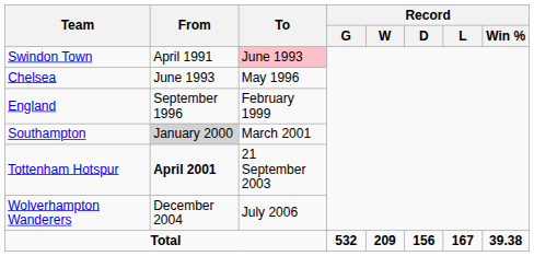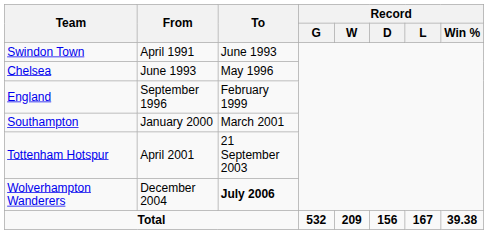 <table class="wikitable" style="text-align: center">
 <tr>
 <th rowspan=2! width=170>Team</th>
 <th rowspan=2! width=100>From</th>
 <th rowspan=2! width=100>To</th>
 <th colspan=5>Record</th>
 </tr>
 <tr>
 <th width=40>G</th>
 <th width=40>W</th>
 <th width=40>D</th>
 <th width=40>L</th>
 <th width=50>Win %</th>
 </tr>
 <tr>
 <td align=left><a href='#'>Swindon Town</a></td>
 <td align=left>April 1991</td>
-<td align=left style="background: pink;">June 1993<br></td>
+<td align=left>June 1993<br></td>
 </tr>
 <tr>
 <td align=left><a href='#'>Chelsea</a></td>
 <td align=left>June 1993</td>
 <td align=left>May 1996<br></td>
 </tr>
 <tr>
 <td align=left><a href='#'>England</a></td>
 <td align=left>September 1996</td>
 <td align=left>February 1999<br></td>
 </tr>
 <tr>
 <td align=left><a href='#'>Southampton</a></td>
-<td align=left style="background: lightgrey;">January 2000</td>
+<td align=left>January 2000</td>
 <td align=left>March 2001<br></td>
 </tr>
 <tr>
 <td align=left><a href='#'>Tottenham Hotspur</a></td>
-<td align=left><strong>April 2001</strong></td>
+<td align=left>April 2001</td>
 <td align=left>21 September 2003<br></td>
 </tr>
 <tr>
 <td align=left><a href='#'>Wolverhampton Wanderers</a></td>
 <td align=left>December 2004</td>
-<td align=left>July 2006<br></td>
+<td align=left><strong>July 2006<br></strong></td>
 </tr>
 <tr>
 <td colspan=3><strong>Total</strong></td>
 <td><strong>532</strong></td>
 <td><strong>209</strong></td>
 <td><strong>156</strong></td>
 <td><strong>167</strong></td>
 <td><strong>39.38</strong></td>
 </tr>
 </table>
